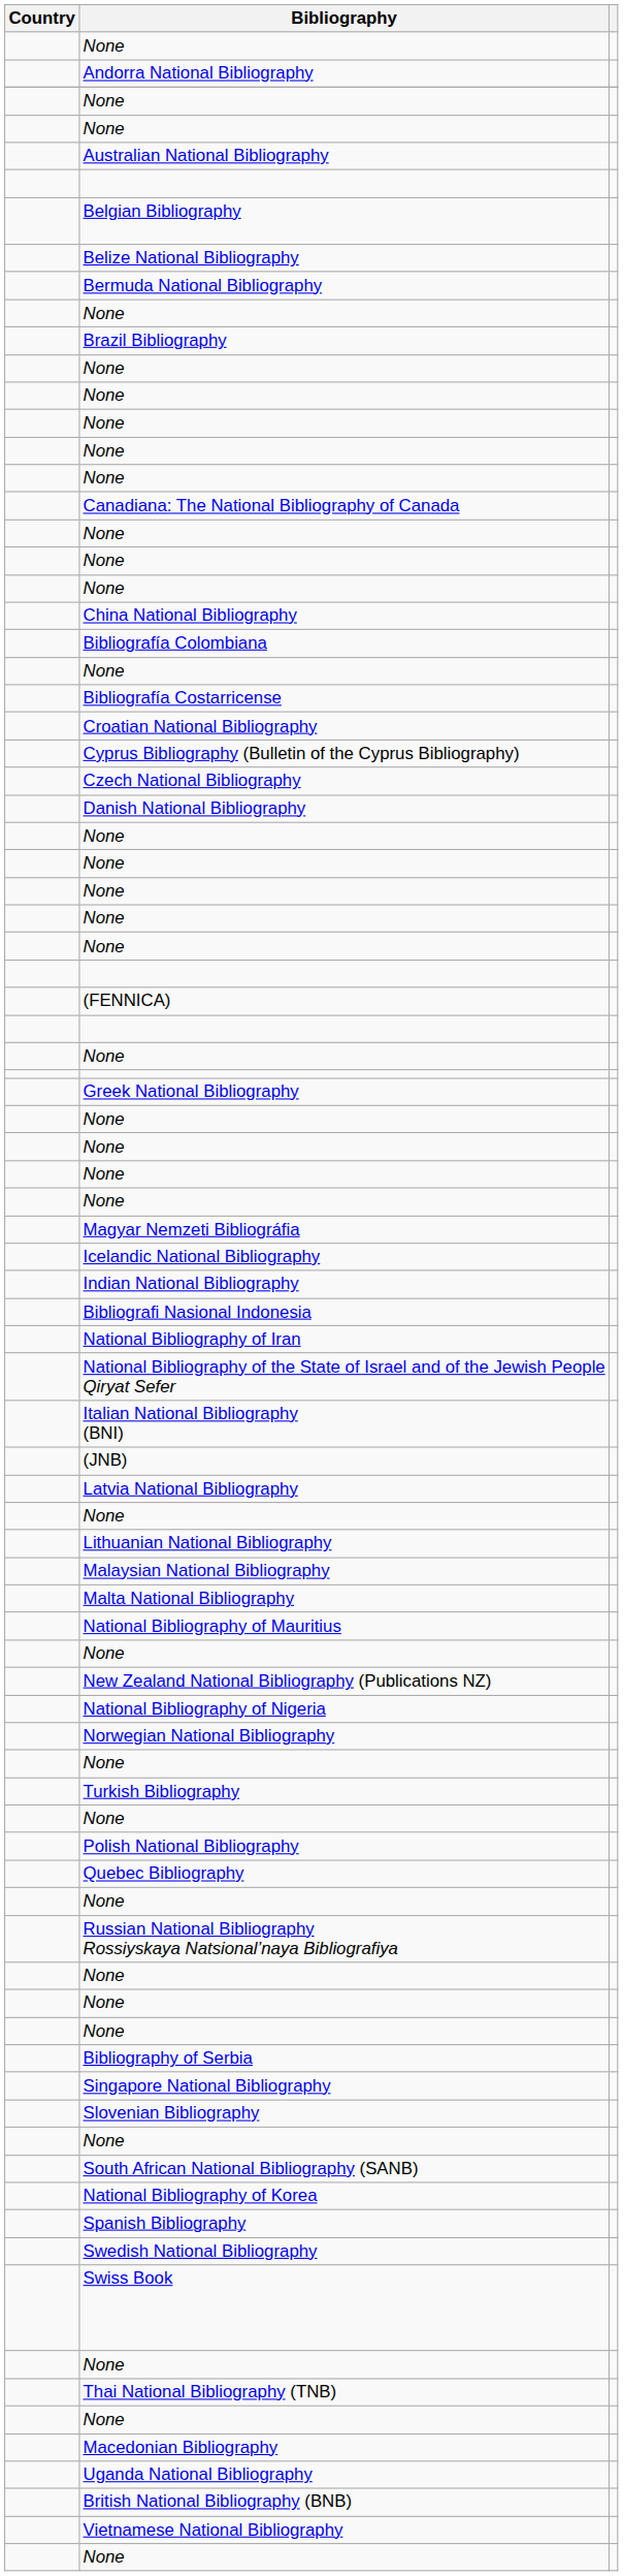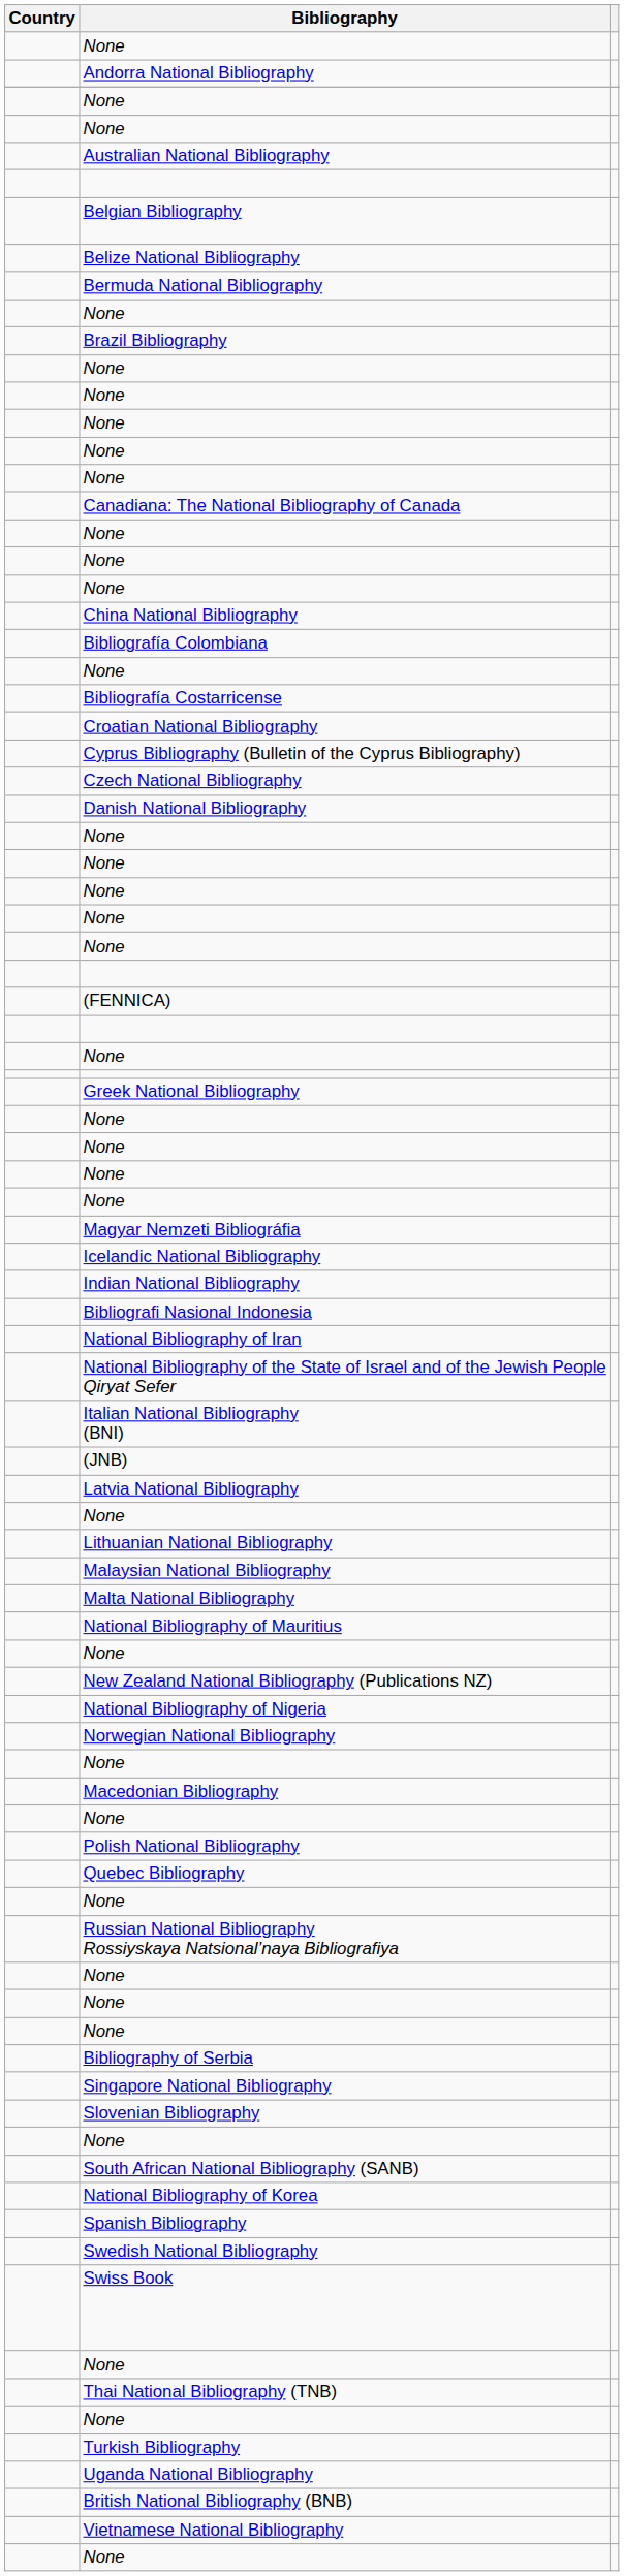 <table class="wikitable sortable">
 <tr>
 <th>Country</th>
 <th>Bibliography</th>
 <th class="unsortable"></th>
 </tr>
 <tr>
 <td></td>
 <td><em>None</em></td>
 <td></td>
 </tr>
 <tr>
 <td></td>
 <td><a href='#'>Andorra National Bibliography</a><br></td>
 <td></td>
 </tr>
 <tr>
 </tr>
 <tr>
 <td></td>
 <td><em>None</em></td>
 <td></td>
 </tr>
 <tr>
 <td></td>
 <td><em>None</em></td>
 <td></td>
 </tr>
 <tr>
 <td></td>
 <td><a href='#'>Australian National Bibliography</a></td>
 <td></td>
 </tr>
 <tr>
 <td></td>
 <td><br></td>
 <td><br></td>
 </tr>
 <tr>
 <td></td>
 <td><a href='#'>Belgian Bibliography</a><br><br></td>
 <td></td>
 </tr>
 <tr>
 <td></td>
 <td><a href='#'>Belize National Bibliography</a></td>
 <td></td>
 </tr>
 <tr>
 <td></td>
 <td><a href='#'>Bermuda National Bibliography</a></td>
 <td></td>
 </tr>
 <tr>
 <td></td>
 <td><em>None</em></td>
 <td></td>
 </tr>
 <tr>
 <td></td>
 <td><a href='#'>Brazil Bibliography</a><br></td>
 <td></td>
 </tr>
 <tr>
 <td></td>
 <td><em>None</em></td>
 <td></td>
 </tr>
 <tr>
 <td></td>
 <td><em>None</em></td>
 <td></td>
 </tr>
 <tr>
 <td></td>
 <td><em>None</em></td>
 <td></td>
 </tr>
 <tr>
 <td></td>
 <td><em>None</em></td>
 <td></td>
 </tr>
 <tr>
 <td></td>
 <td><em>None</em></td>
 <td></td>
 </tr>
 <tr>
 <td></td>
 <td><a href='#'>Canadiana: The National Bibliography of Canada</a></td>
 <td></td>
 </tr>
 <tr>
 <td></td>
 <td><em>None</em></td>
 <td></td>
 </tr>
 <tr>
 <td></td>
 <td><em>None</em></td>
 <td></td>
 </tr>
 <tr>
 <td></td>
 <td><em>None</em></td>
 <td></td>
 </tr>
 <tr>
 <td></td>
 <td><a href='#'>China National Bibliography</a><br></td>
 <td></td>
 </tr>
 <tr>
 <td></td>
 <td><a href='#'>Bibliografía Colombiana</a></td>
 <td></td>
 </tr>
 <tr>
 <td></td>
 <td><em>None</em></td>
 <td></td>
 </tr>
 <tr>
 <td></td>
 <td><a href='#'>Bibliografía Costarricense</a></td>
 <td></td>
 </tr>
 <tr>
 <td></td>
 <td><a href='#'>Croatian National Bibliography</a><br></td>
 <td></td>
 </tr>
 <tr>
 <td></td>
 <td><a href='#'>Cyprus Bibliography</a> (Bulletin of the Cyprus Bibliography)<br></td>
 <td></td>
 </tr>
 <tr>
 <td></td>
 <td><a href='#'>Czech National Bibliography</a><br></td>
 <td></td>
 </tr>
 <tr>
 <td></td>
 <td><a href='#'>Danish National Bibliography</a></td>
 <td></td>
 </tr>
 <tr>
 <td></td>
 <td><em>None</em></td>
 <td></td>
 </tr>
 <tr>
 <td></td>
 <td><em>None</em></td>
 <td><br></td>
 </tr>
 <tr>
 <td></td>
 <td><em>None</em></td>
 <td></td>
 </tr>
 <tr>
 <td></td>
 <td><em>None</em></td>
 <td></td>
 </tr>
 <tr>
 <td></td>
 <td><em>None</em></td>
 <td></td>
 </tr>
 <tr>
 <td></td>
 <td><br></td>
 <td></td>
 </tr>
 <tr>
 <td></td>
 <td> (FENNICA)</td>
 <td></td>
 </tr>
 <tr>
 <td></td>
 <td><br></td>
 <td></td>
 </tr>
 <tr>
 <td></td>
 <td><em>None</em></td>
 <td></td>
 </tr>
 <tr>
 <td></td>
 <td></td>
 <td></td>
 </tr>
 <tr>
 <td></td>
 <td><a href='#'>Greek National Bibliography</a></td>
 <td></td>
 </tr>
 <tr>
 <td></td>
 <td><em>None</em></td>
 <td></td>
 </tr>
 <tr>
 <td></td>
 <td><em>None</em></td>
 <td></td>
 </tr>
 <tr>
 <td></td>
 <td><em>None</em></td>
 <td></td>
 </tr>
 <tr>
 <td></td>
 <td><em>None</em></td>
 <td></td>
 </tr>
 <tr>
 <td></td>
 <td><a href='#'>Magyar Nemzeti Bibliográfia</a></td>
 <td></td>
 </tr>
 <tr>
 <td></td>
 <td><a href='#'>Icelandic National Bibliography</a></td>
 <td></td>
 </tr>
 <tr>
 <td></td>
 <td><a href='#'>Indian National Bibliography</a></td>
 <td></td>
 </tr>
 <tr>
 <td></td>
 <td><a href='#'>Bibliografi Nasional Indonesia</a></td>
 <td></td>
 </tr>
 <tr>
 <td></td>
 <td><a href='#'>National Bibliography of Iran</a></td>
 <td></td>
 </tr>
 <tr>
 <td></td>
 <td><a href='#'>National Bibliography of the State of Israel and of the Jewish People</a><br><em>Qiryat Sefer</em></td>
 <td></td>
 </tr>
 <tr>
 <td></td>
 <td><a href='#'>Italian National Bibliography</a><br> (BNI)</td>
 <td></td>
 </tr>
 <tr>
 <td></td>
 <td> (JNB)</td>
 <td></td>
 </tr>
 <tr>
 <td></td>
 <td><a href='#'>Latvia National Bibliography</a></td>
 <td></td>
 </tr>
 <tr>
 <td></td>
 <td><em>None</em></td>
 <td></td>
 </tr>
 <tr>
 <td></td>
 <td><a href='#'>Lithuanian National Bibliography</a></td>
 <td></td>
 </tr>
 <tr>
 <td></td>
 <td><a href='#'>Malaysian National Bibliography</a></td>
 <td></td>
 </tr>
 <tr>
 <td></td>
 <td><a href='#'>Malta National Bibliography</a><br></td>
 <td></td>
 </tr>
 <tr>
 <td></td>
 <td><a href='#'>National Bibliography of Mauritius</a><br></td>
 <td></td>
 </tr>
 <tr>
 <td></td>
 <td><em>None</em></td>
 <td></td>
 </tr>
 <tr>
 <td></td>
 <td><a href='#'>New Zealand National Bibliography</a> (Publications NZ)</td>
 <td></td>
 </tr>
 <tr>
 <td></td>
 <td><a href='#'>National Bibliography of Nigeria</a></td>
 <td></td>
 </tr>
 <tr>
 <td></td>
 <td><a href='#'>Norwegian National Bibliography</a></td>
 <td></td>
 </tr>
 <tr>
 <td></td>
 <td><em>None</em></td>
 <td></td>
 </tr>
 <tr>
 <td></td>
-<td><a href='#'>Turkish Bibliography</a></td>
+<td><a href='#'>Macedonian Bibliography</a><br></td>
 <td></td>
 </tr>
 <tr>
 <td></td>
 <td><em>None</em></td>
 <td></td>
 </tr>
 <tr>
 <td></td>
 <td><a href='#'>Polish National Bibliography</a><br></td>
 <td></td>
 </tr>
 <tr>
 <td></td>
 <td><a href='#'>Quebec Bibliography</a><br></td>
 <td></td>
 </tr>
 <tr>
 <td></td>
 <td><em>None</em></td>
 <td></td>
 </tr>
 <tr>
 <td></td>
 <td><a href='#'>Russian National Bibliography</a><br><em>Rossiyskaya Natsional’naya Bibliografiya</em></td>
 <td></td>
 </tr>
 <tr>
 <td></td>
 <td><em>None</em></td>
 <td></td>
 </tr>
 <tr>
 <td></td>
 <td><em>None</em></td>
 <td></td>
 </tr>
 <tr>
 <td></td>
 <td><em>None</em></td>
 <td></td>
 </tr>
 <tr>
 <td></td>
 <td><a href='#'>Bibliography of Serbia</a><br></td>
 <td></td>
 </tr>
 <tr>
 <td></td>
 <td><a href='#'>Singapore National Bibliography</a></td>
 <td></td>
 </tr>
 <tr>
 <td></td>
 <td><a href='#'>Slovenian Bibliography</a><br></td>
 <td></td>
 </tr>
 <tr>
 <td></td>
 <td><em>None</em></td>
 <td></td>
 </tr>
 <tr>
 <td></td>
 <td><a href='#'>South African National Bibliography</a> (SANB)</td>
 <td></td>
 </tr>
 <tr>
 <td></td>
 <td><a href='#'>National Bibliography of Korea</a></td>
 <td></td>
 </tr>
 <tr>
 <td></td>
 <td><a href='#'>Spanish Bibliography</a><br></td>
 <td></td>
 </tr>
 <tr>
 <td></td>
 <td><a href='#'>Swedish National Bibliography</a></td>
 <td></td>
 </tr>
 <tr>
 <td></td>
 <td><a href='#'>Swiss Book</a><br><br><br><br></td>
 <td></td>
 </tr>
 <tr>
 <td></td>
 <td><em>None</em></td>
 <td></td>
 </tr>
 <tr>
 <td></td>
 <td><a href='#'>Thai National Bibliography</a> (TNB)</td>
 <td></td>
 </tr>
 <tr>
 <td></td>
 <td><em>None</em></td>
 <td></td>
 </tr>
 <tr>
 <td></td>
-<td><a href='#'>Macedonian Bibliography</a><br></td>
+<td><a href='#'>Turkish Bibliography</a></td>
 <td></td>
 </tr>
 <tr>
 <td></td>
 <td><a href='#'>Uganda National Bibliography</a></td>
 <td></td>
 </tr>
 <tr>
 <td></td>
 <td><a href='#'>British National Bibliography</a> (BNB)</td>
 <td></td>
 </tr>
 <tr>
 <td></td>
 <td><a href='#'>Vietnamese National Bibliography</a></td>
 <td></td>
 </tr>
 <tr>
 <td></td>
 <td><em>None</em></td>
 <td><br> </td>
 </tr>
 </table>
